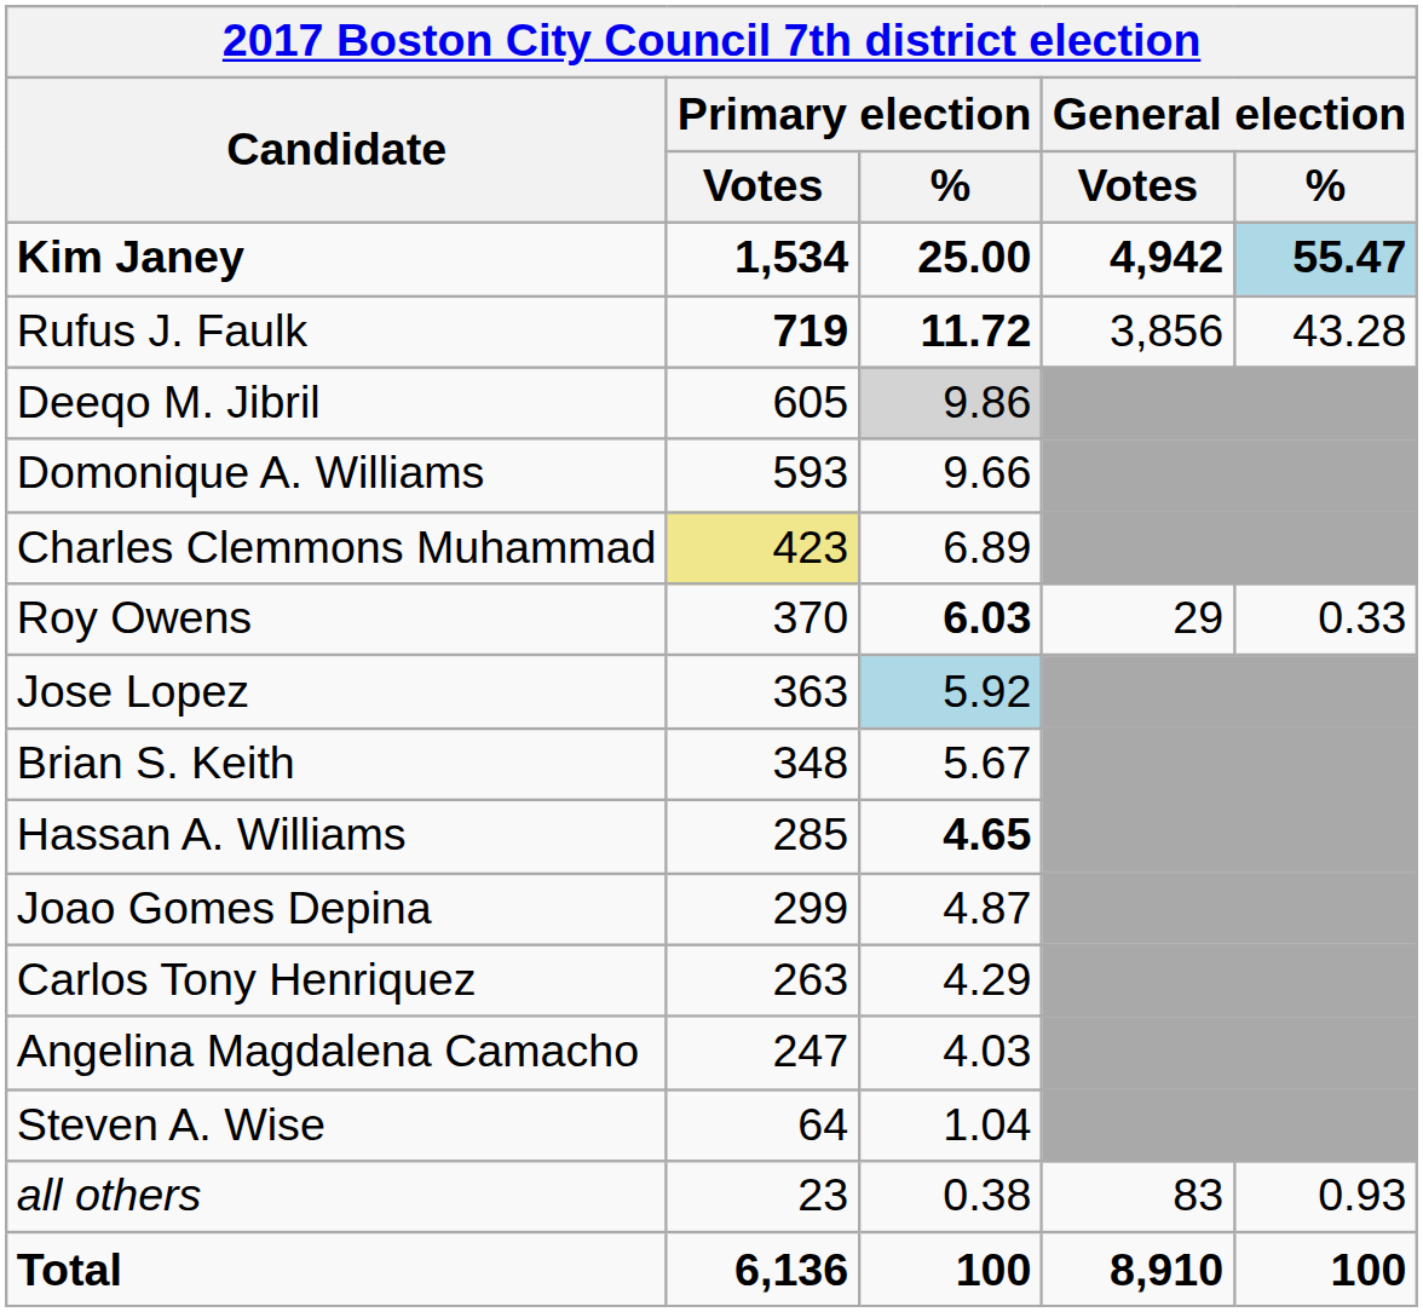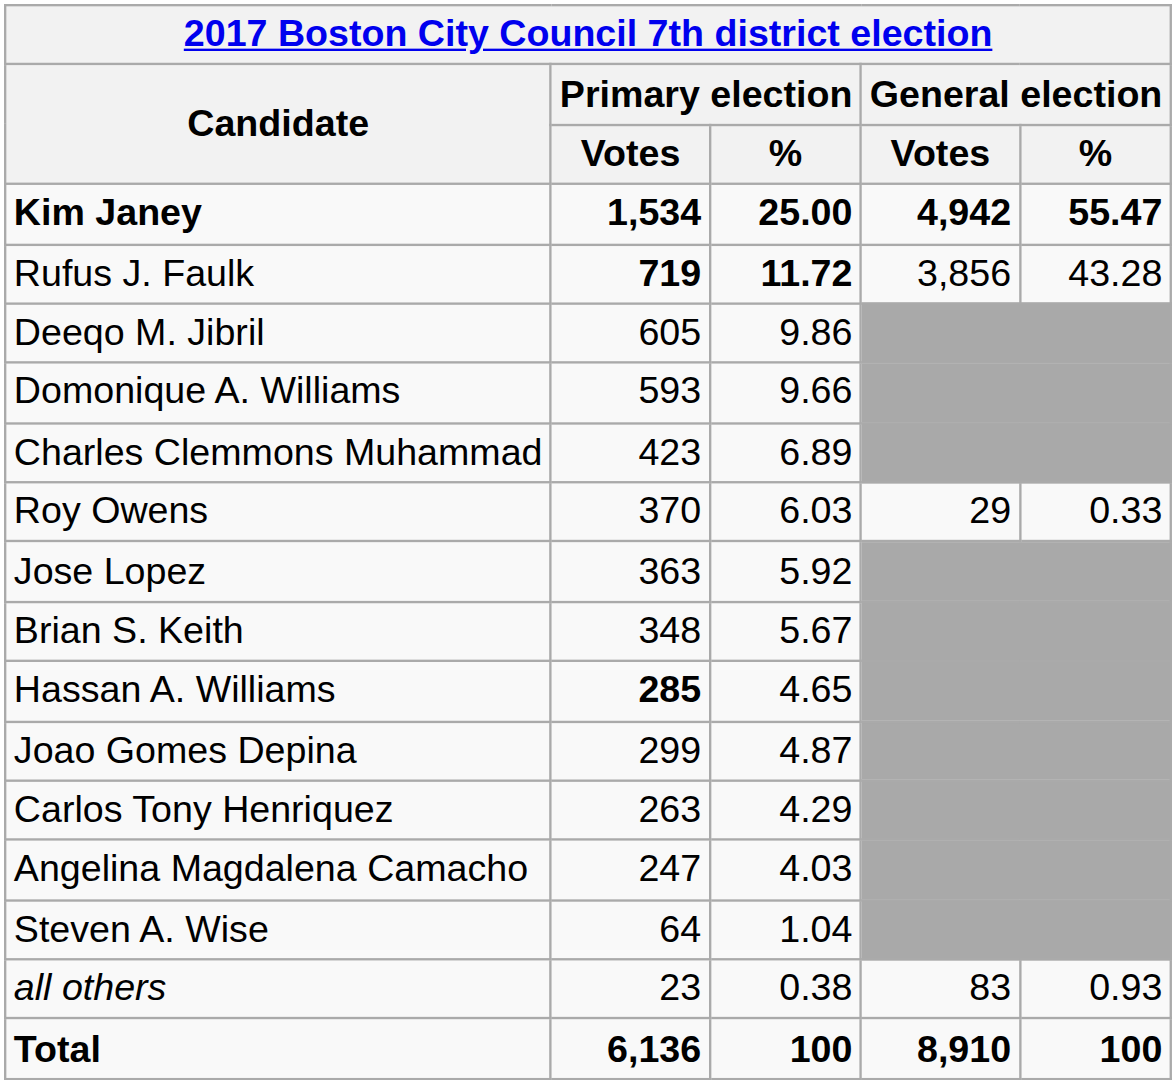 <table class=wikitable>
 <tr>
 <th colspan=5><a href='#'>2017 Boston City Council 7th district election</a></th>
 </tr>
 <tr>
 <th colspan=1 rowspan=2>Candidate</th>
 <th colspan=2><strong>Primary election</strong></th>
 <th colspan=2><strong>General election</strong></th>
 </tr>
 <tr>
 <th>Votes</th>
 <th>%</th>
 <th>Votes</th>
 <th>%</th>
 </tr>
 <tr>
 <td><strong>Kim Janey</strong></td>
 <td align="right"><strong>1,534</strong></td>
 <td align="right"><strong>25.00</strong></td>
 <td align="right"><strong>4,942</strong></td>
-<td align="right" style="background: lightblue;"><strong>55.47</strong></td>
+<td align="right"><strong>55.47</strong></td>
 </tr>
 <tr>
 <td>Rufus J. Faulk</td>
 <td align="right"><strong>719</strong></td>
 <td align="right"><strong>11.72</strong></td>
 <td align="right">3,856</td>
 <td align="right">43.28</td>
 </tr>
 <tr>
 <td>Deeqo M. Jibril</td>
 <td align="right">605</td>
-<td align="right" style="background: lightgrey;">9.86</td>
+<td align="right">9.86</td>
 <td colspan=2 bgcolor=darkgray> </td>
 </tr>
 <tr>
 <td>Domonique A. Williams</td>
 <td align="right">593</td>
 <td align="right">9.66</td>
 <td colspan=2 bgcolor=darkgray> </td>
 </tr>
 <tr>
 <td>Charles Clemmons Muhammad</td>
-<td align="right" style="background: khaki;">423</td>
+<td align="right">423</td>
 <td align="right">6.89</td>
 <td colspan=2 bgcolor=darkgray> </td>
 </tr>
 <tr>
 <td>Roy Owens</td>
 <td align="right">370</td>
-<td align="right"><strong>6.03</strong></td>
+<td align="right">6.03</td>
 <td align="right">29</td>
 <td align="right">0.33</td>
 </tr>
 <tr>
 <td>Jose Lopez</td>
 <td align="right">363</td>
-<td align="right" style="background: lightblue;">5.92</td>
+<td align="right">5.92</td>
 <td colspan=2 bgcolor=darkgray> </td>
 </tr>
 <tr>
 <td>Brian S. Keith</td>
 <td align="right">348</td>
 <td align="right">5.67</td>
 <td colspan=2 bgcolor=darkgray> </td>
 </tr>
 <tr>
 <td>Hassan A. Williams</td>
-<td align="right">285</td>
-<td align="right"><strong>4.65</strong></td>
+<td align="right"><strong>285</strong></td>
+<td align="right">4.65</td>
 <td colspan=2 bgcolor=darkgray> </td>
 </tr>
 <tr>
 <td>Joao Gomes Depina</td>
 <td align="right">299</td>
 <td align="right">4.87</td>
 <td colspan=2 bgcolor=darkgray> </td>
 </tr>
 <tr>
 <td>Carlos Tony Henriquez</td>
 <td align="right">263</td>
 <td align="right">4.29</td>
 <td colspan=2 bgcolor=darkgray> </td>
 </tr>
 <tr>
 <td>Angelina Magdalena Camacho</td>
 <td align="right">247</td>
 <td align="right">4.03</td>
 <td colspan=2 bgcolor=darkgray> </td>
 </tr>
 <tr>
 <td>Steven A. Wise</td>
 <td align="right">64</td>
 <td align="right">1.04</td>
 <td colspan=2 bgcolor=darkgray> </td>
 </tr>
 <tr>
 <td><em>all others</em></td>
 <td align="right">23</td>
 <td align="right">0.38</td>
 <td align="right">83</td>
 <td align="right">0.93</td>
 </tr>
 <tr>
 <td><strong>Total</strong></td>
 <td align="right"><strong>6,136</strong></td>
 <td align="right"><strong>100</strong></td>
 <td align="right"><strong>8,910</strong></td>
 <td align="right"><strong>100</strong></td>
 </tr>
 </table>
